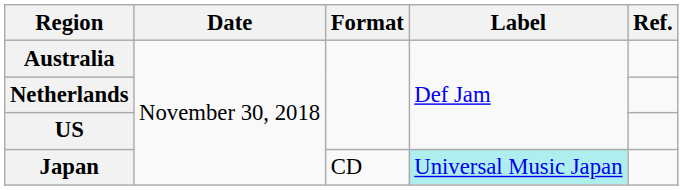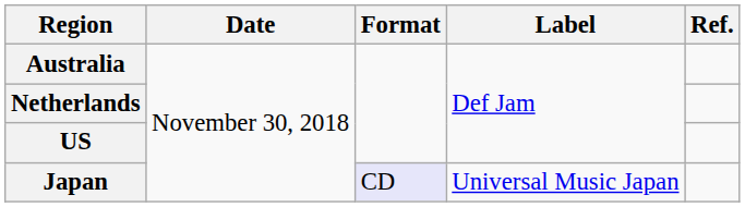 <table class="wikitable plainrowheaders">
 <tr>
 <th scope="col">Region</th>
 <th scope="col">Date</th>
 <th scope="col">Format</th>
 <th scope="col">Label</th>
 <th scope="col">Ref.</th>
 </tr>
 <tr>
 <th scope="row">Australia</th>
 <td rowspan="4">November 30, 2018</td>
 <td rowspan="3"></td>
 <td rowspan="3"><a href='#'>Def Jam</a></td>
 <td style="text-align:center;"></td>
 </tr>
 <tr>
 <th scope="row">Netherlands</th>
 <td style="text-align:center;"></td>
 </tr>
 <tr>
 <th scope="row">US</th>
 <td style="text-align:center;"></td>
 </tr>
 <tr>
 <th scope="row">Japan</th>
-<td>CD</td>
-<td style="background: paleturquoise;"><a href='#'>Universal Music Japan</a></td>
+<td style="background: lavender;">CD</td>
+<td><a href='#'>Universal Music Japan</a></td>
 <td style="text-align:center;"></td>
 </tr>
 </table>
